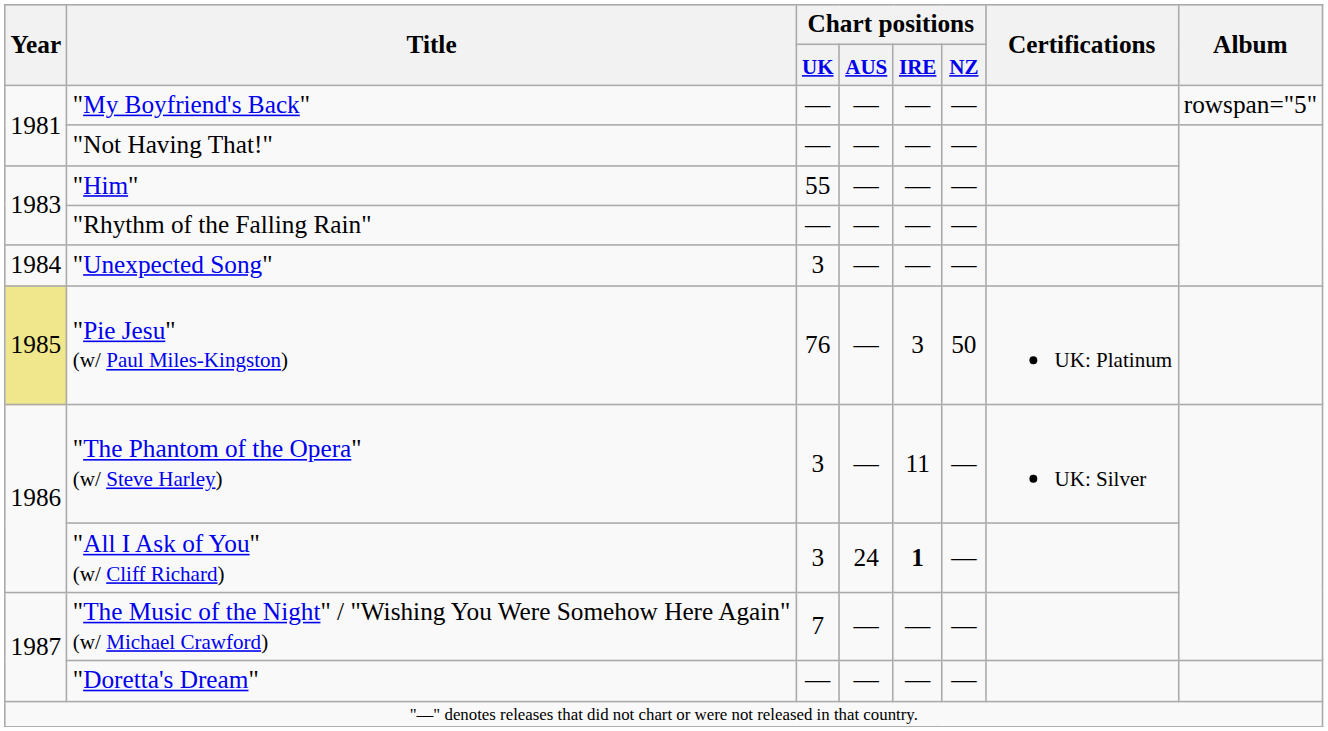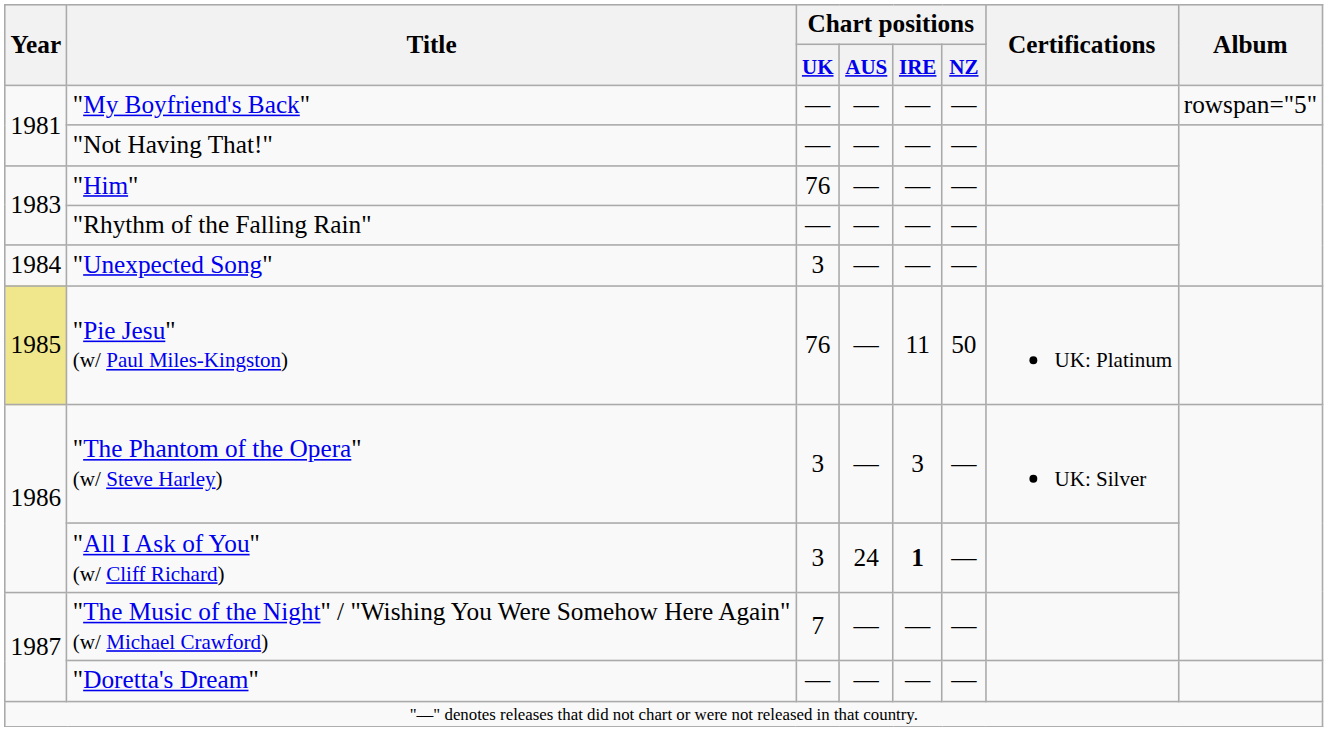 <table class="wikitable">
 <tr>
 <th rowspan="2">Year</th>
 <th rowspan="2">Title</th>
 <th colspan="4">Chart positions</th>
 <th rowspan="2">Certifications</th>
 <th rowspan="2">Album</th>
 </tr>
 <tr>
 <th width="20"><small><a href='#'>UK</a></small><br></th>
 <th width="20"><small><a href='#'>AUS</a></small><br></th>
 <th width="20"><small><a href='#'>IRE</a></small><br></th>
 <th width="20"><small><a href='#'>NZ</a></small><br></th>
 </tr>
 <tr>
 <td rowspan="2">1981</td>
 <td>"<a href='#'>My Boyfriend's Back</a>"</td>
 <td align="center">—</td>
 <td align="center">—</td>
 <td align="center">—</td>
 <td align="center">—</td>
 <td align=left></td>
 <td>rowspan="5" </td>
 </tr>
 <tr>
 <td>"Not Having That!"</td>
 <td align="center">—</td>
 <td align="center">—</td>
 <td align="center">—</td>
 <td align="center">—</td>
 <td align=left></td>
 </tr>
 <tr>
 <td rowspan="2">1983</td>
 <td>"<a href='#'>Him</a>"</td>
-<td align="center">55</td>
+<td align="center">76</td>
 <td align="center">—</td>
 <td align="center">—</td>
 <td align="center">—</td>
 <td align=left></td>
 </tr>
 <tr>
 <td>"Rhythm of the Falling Rain"</td>
 <td align="center">—</td>
 <td align="center">—</td>
 <td align="center">—</td>
 <td align="center">—</td>
 <td align=left></td>
 </tr>
 <tr>
 <td>1984</td>
 <td>"<a href='#'>Unexpected Song</a>"</td>
 <td align="center">3</td>
 <td align="center">—</td>
 <td align="center">—</td>
 <td align="center">—</td>
 <td align=left></td>
 </tr>
 <tr>
 <td style="background: khaki;">1985</td>
 <td>"<a href='#'>Pie Jesu</a>"<br><small>(w/ <a href='#'>Paul Miles-Kingston</a>)</small></td>
 <td align="center">76</td>
 <td align="center">—</td>
-<td align="center">3</td>
+<td align="center">11</td>
 <td align="center">50</td>
 <td align=left><br><ul><li><small>UK: Platinum</small></li></ul></td>
 <td></td>
 </tr>
 <tr>
 <td rowspan="2">1986</td>
 <td>"<a href='#'>The Phantom of the Opera</a>"<br><small>(w/ <a href='#'>Steve Harley</a>)</small></td>
 <td align="center">3</td>
 <td align="center">—</td>
-<td align="center">11</td>
+<td align="center">3</td>
 <td align="center">—</td>
 <td align=left><br><ul><li><small>UK: Silver</small></li></ul></td>
 <td rowspan="3"></td>
 </tr>
 <tr>
 <td>"<a href='#'>All I Ask of You</a>"<br><small>(w/ <a href='#'>Cliff Richard</a>)</small></td>
 <td align="center">3</td>
 <td align="center">24</td>
 <td align="center"><strong>1</strong></td>
 <td align="center">—</td>
 <td align=left></td>
 </tr>
 <tr>
 <td rowspan="2">1987</td>
 <td>"<a href='#'>The Music of the Night</a>" / "Wishing You Were Somehow Here Again"<br><small>(w/ <a href='#'>Michael Crawford</a>)</small></td>
 <td align="center">7</td>
 <td align="center">—</td>
 <td align="center">—</td>
 <td align="center">—</td>
 <td align=left></td>
 </tr>
 <tr>
 <td>"<a href='#'>Doretta's Dream</a>"</td>
 <td align="center">—</td>
 <td align="center">—</td>
 <td align="center">—</td>
 <td align="center">—</td>
 <td align=left></td>
 <td></td>
 </tr>
 <tr>
 <td colspan="8" style="text-align:center; font-size:8pt;">"—" denotes releases that did not chart or were not released in that country.</td>
 </tr>
 </table>
